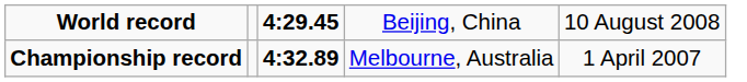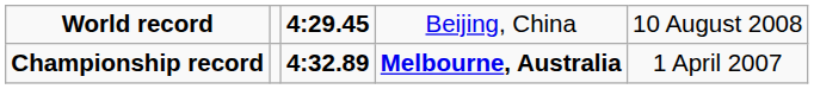 <table class=wikitable style=text-align:center>
 <tr>
 <td><strong>World record</strong></td>
 <td></td>
 <td align=left><strong>4:29.45</strong></td>
 <td><a href='#'>Beijing</a>, China</td>
 <td>10 August 2008</td>
 </tr>
 <tr>
 <td><strong>Championship record</strong></td>
 <td></td>
 <td align=left><strong>4:32.89</strong></td>
-<td><a href='#'>Melbourne</a>, Australia</td>
+<td><strong><a href='#'>Melbourne</a>, Australia</strong></td>
 <td>1 April 2007</td>
 </tr>
 </table>
